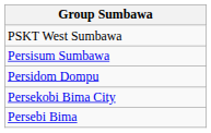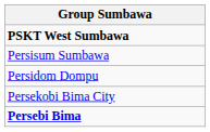 <table class="wikitable" style="width: 250px;">
 <tr>
 <th>Group Sumbawa</th>
 </tr>
 <tr>
-<td>PSKT West Sumbawa</td>
+<td><strong>PSKT West Sumbawa</strong></td>
 </tr>
 <tr>
 <td><a href='#'>Persisum Sumbawa</a></td>
 </tr>
 <tr>
 <td><a href='#'>Persidom Dompu</a></td>
 </tr>
 <tr>
 <td><a href='#'>Persekobi Bima City</a></td>
 </tr>
 <tr>
-<td><a href='#'>Persebi Bima</a></td>
+<td><strong><a href='#'>Persebi Bima</a></strong></td>
 </tr>
 </table>
